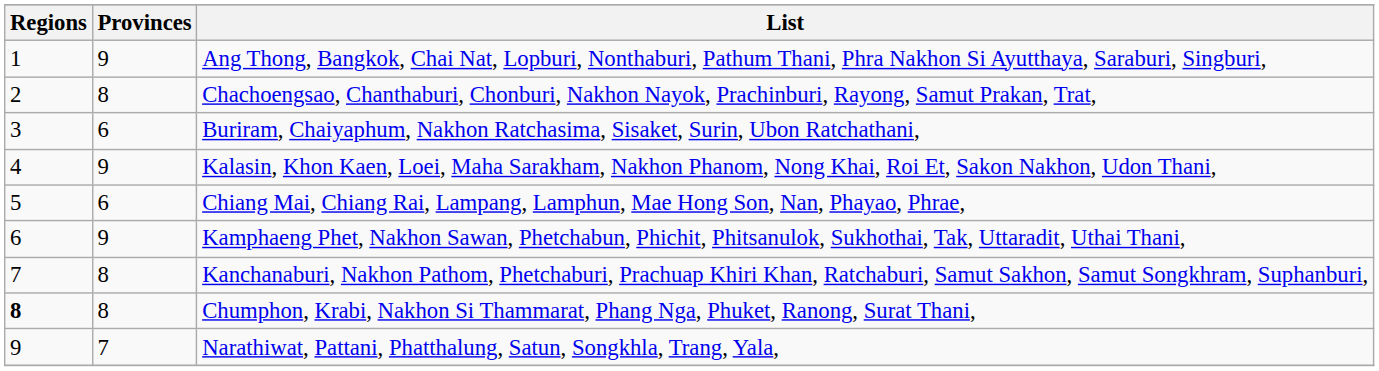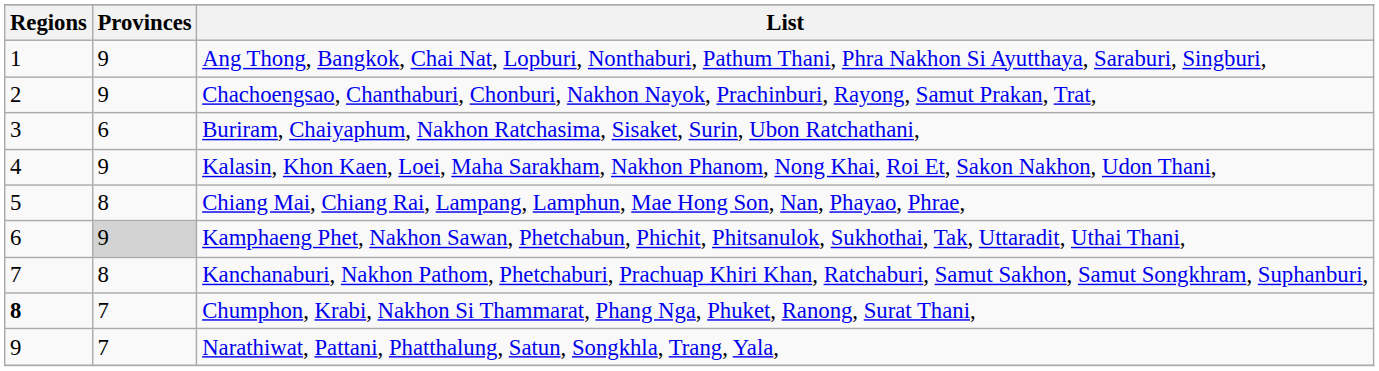 <table class="wikitable">
 <tr>
 </tr>
 <tr>
 <th>Regions</th>
 <th>Provinces</th>
 <th>List</th>
 </tr>
 <tr>
 <td>1</td>
 <td>9</td>
 <td><a href='#'>Ang Thong</a>,    <a href='#'>Bangkok</a>,    <a href='#'>Chai Nat</a>,    <a href='#'>Lopburi</a>,    <a href='#'>Nonthaburi</a>,    <a href='#'>Pathum Thani</a>,    <a href='#'>Phra Nakhon Si Ayutthaya</a>,    <a href='#'>Saraburi</a>,    <a href='#'>Singburi</a>,</td>
 </tr>
 <tr>
 <td>2</td>
-<td>8</td>
+<td>9</td>
 <td><a href='#'>Chachoengsao</a>,    <a href='#'>Chanthaburi</a>,    <a href='#'>Chonburi</a>,    <a href='#'>Nakhon Nayok</a>,    <a href='#'>Prachinburi</a>,    <a href='#'>Rayong</a>,    <a href='#'>Samut Prakan</a>,    <a href='#'>Trat</a>,</td>
 </tr>
 <tr>
 <td>3</td>
 <td>6</td>
 <td><a href='#'>Buriram</a>,    <a href='#'>Chaiyaphum</a>,    <a href='#'>Nakhon Ratchasima</a>,    <a href='#'>Sisaket</a>,    <a href='#'>Surin</a>,    <a href='#'>Ubon Ratchathani</a>,</td>
 </tr>
 <tr>
 <td>4</td>
 <td>9</td>
 <td><a href='#'>Kalasin</a>,    <a href='#'>Khon Kaen</a>,    <a href='#'>Loei</a>,    <a href='#'>Maha Sarakham</a>,    <a href='#'>Nakhon Phanom</a>,    <a href='#'>Nong Khai</a>,    <a href='#'>Roi Et</a>,    <a href='#'>Sakon Nakhon</a>,    <a href='#'>Udon Thani</a>,</td>
 </tr>
 <tr>
 <td>5</td>
-<td>6</td>
+<td>8</td>
 <td><a href='#'>Chiang Mai</a>,    <a href='#'>Chiang Rai</a>,    <a href='#'>Lampang</a>,    <a href='#'>Lamphun</a>,    <a href='#'>Mae Hong Son</a>,    <a href='#'>Nan</a>,    <a href='#'>Phayao</a>,    <a href='#'>Phrae</a>,</td>
 </tr>
 <tr>
 <td>6</td>
-<td>9</td>
+<td style="background: lightgrey;">9</td>
 <td><a href='#'>Kamphaeng Phet</a>,    <a href='#'>Nakhon Sawan</a>,   <a href='#'>Phetchabun</a>,    <a href='#'>Phichit</a>,    <a href='#'>Phitsanulok</a>,    <a href='#'>Sukhothai</a>,    <a href='#'>Tak</a>,    <a href='#'>Uttaradit</a>,    <a href='#'>Uthai Thani</a>,</td>
 </tr>
 <tr>
 <td>7</td>
 <td>8</td>
 <td><a href='#'>Kanchanaburi</a>,    <a href='#'>Nakhon Pathom</a>,    <a href='#'>Phetchaburi</a>,    <a href='#'>Prachuap Khiri Khan</a>,    <a href='#'>Ratchaburi</a>,    <a href='#'>Samut Sakhon</a>,    <a href='#'>Samut Songkhram</a>,    <a href='#'>Suphanburi</a>,</td>
 </tr>
 <tr>
 <td><strong>8</strong></td>
-<td>8</td>
+<td>7</td>
 <td><a href='#'>Chumphon</a>,    <a href='#'>Krabi</a>,    <a href='#'>Nakhon Si Thammarat</a>,    <a href='#'>Phang Nga</a>,    <a href='#'>Phuket</a>,    <a href='#'>Ranong</a>,    <a href='#'>Surat Thani</a>,</td>
 </tr>
 <tr>
 <td>9</td>
 <td>7</td>
 <td><a href='#'>Narathiwat</a>,    <a href='#'>Pattani</a>,    <a href='#'>Phatthalung</a>,    <a href='#'>Satun</a>,    <a href='#'>Songkhla</a>,    <a href='#'>Trang</a>,    <a href='#'>Yala</a>,</td>
 </tr>
 <tr>
 </tr>
 </table>
